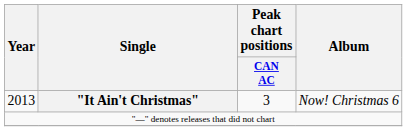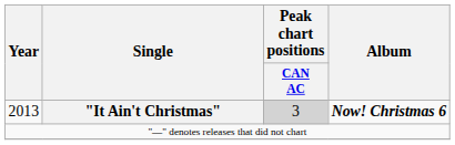 <table class="wikitable plainrowheaders" style="text-align:center;">
 <tr>
 <th rowspan="2">Year</th>
 <th rowspan="2" style="width:14em;">Single</th>
 <th colspan="1">Peak chart positions</th>
 <th rowspan="2">Album</th>
 </tr>
 <tr style="font-size:smaller;">
 <th style="width:4em;"><a href='#'>CAN<br>AC</a><br></th>
 </tr>
 <tr>
 <td>2013</td>
 <th scope="row">"It Ain't Christmas"</th>
-<td>3</td>
-<td style="text-align:left;"><em>Now! Christmas 6</em></td>
+<td style="background: lightgrey;">3</td>
+<td style="text-align:left;"><strong><em>Now! Christmas 6</em></strong></td>
 </tr>
 <tr>
 <td colspan="5" style="font-size:8pt">"—" denotes releases that did not chart</td>
 </tr>
 <tr>
 </tr>
 </table>
